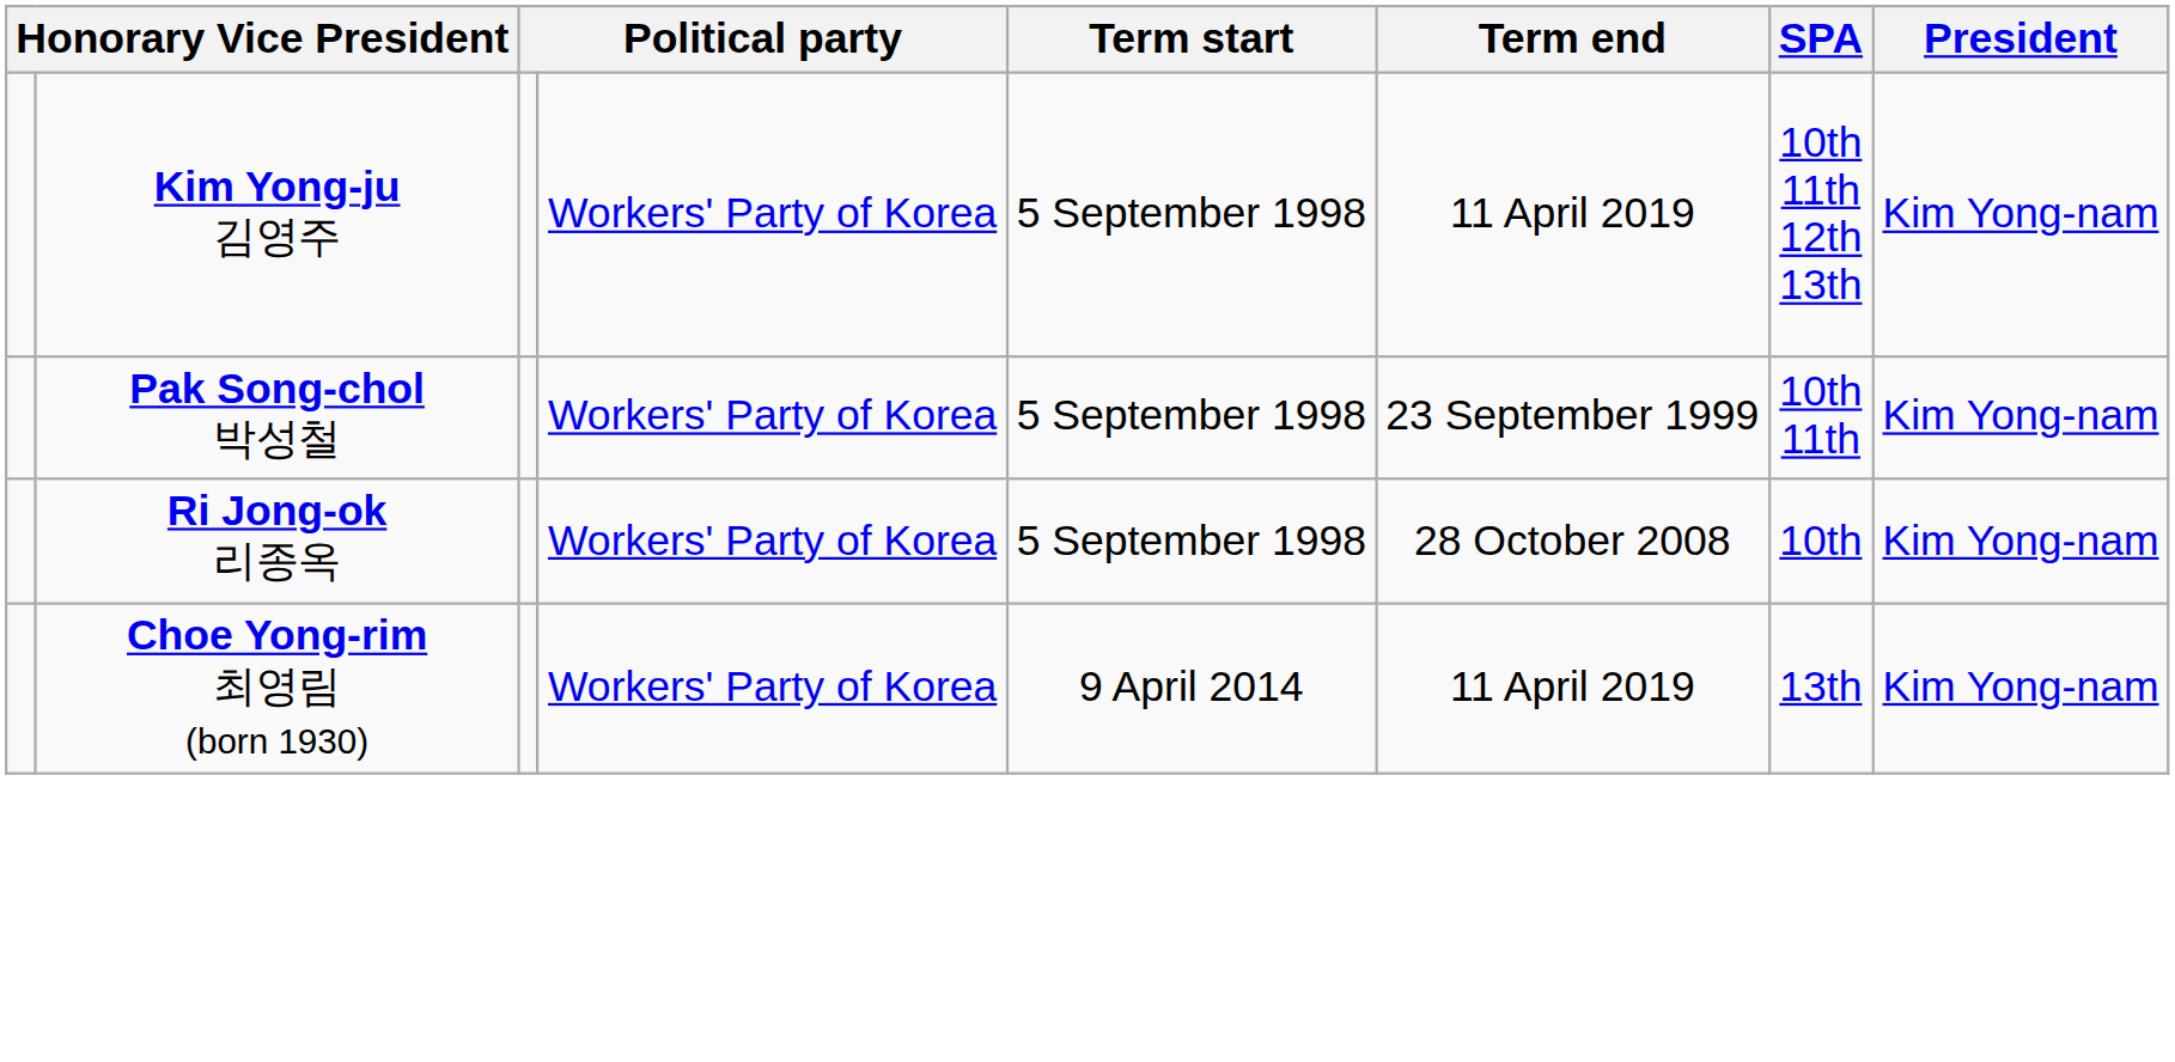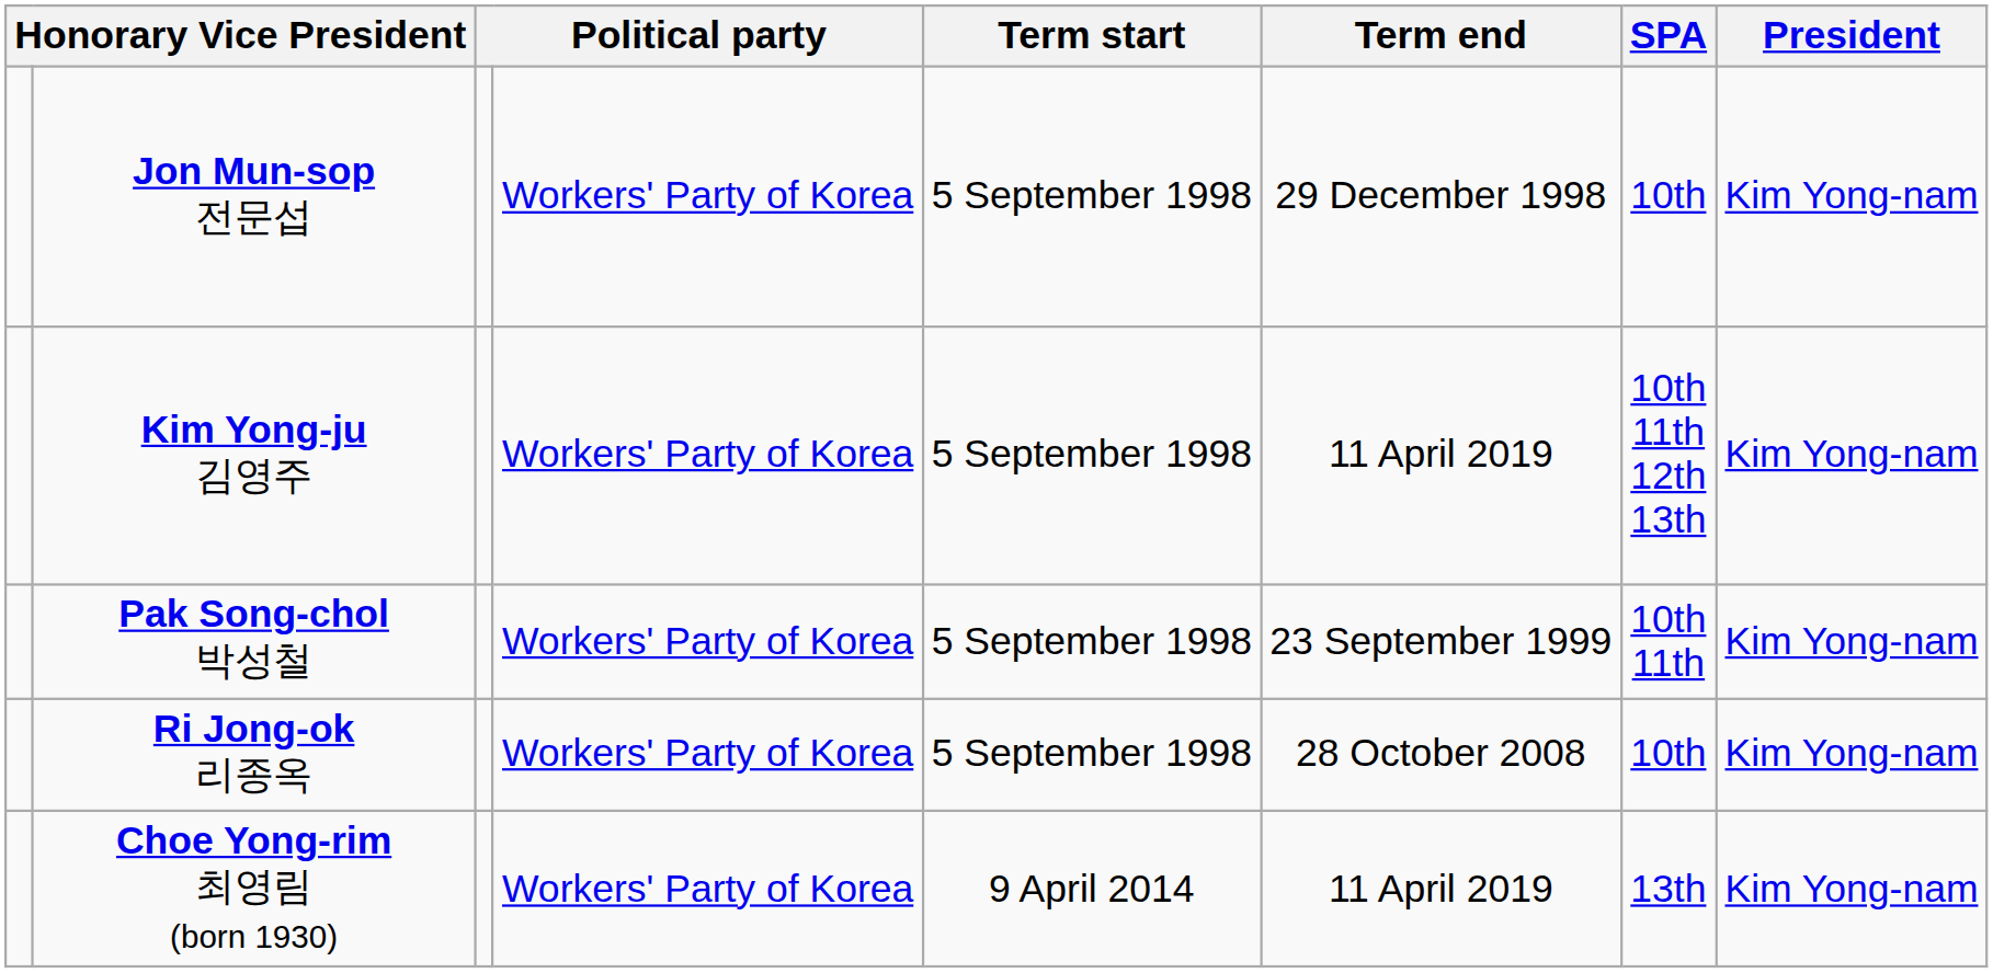 <table class="wikitable" style="text-align:center; border:1px #AAAAFF solid">
 <tr>
 <th colspan="2">Honorary Vice President</th>
 <th colspan="2">Political party</th>
 <th>Term start</th>
 <th>Term end</th>
 <th><a href='#'>SPA</a></th>
 <th><a href='#'>President</a></th>
+</tr>
+<tr>
+<td></td>
+<td><strong><a href='#'>Jon Mun-sop</a></strong><br><span>전문섭</span><br></td>
+<td height="99" rowspan="1" style="background:"></td>
+<td rowspan="1"><a href='#'>Workers' Party of Korea</a></td>
+<td>5 September 1998</td>
+<td>29 December 1998</td>
+<td><a href='#'>10th</a></td>
+<td><a href='#'>Kim Yong-nam</a></td>
 </tr>
 <tr>
 <td></td>
 <td><strong><a href='#'>Kim Yong-ju</a></strong><br>김영주<br></td>
 <td height="99" rowspan="1" style="background:"></td>
 <td rowspan="1"><a href='#'>Workers' Party of Korea</a></td>
 <td>5 September 1998</td>
 <td>11 April 2019</td>
 <td><a href='#'>10th</a><br><a href='#'>11th</a><br><a href='#'>12th</a><br><a href='#'>13th</a></td>
 <td><a href='#'>Kim Yong-nam</a></td>
 </tr>
 <tr>
 <td rowspan="1"></td>
 <td><strong><a href='#'>Pak Song-chol</a></strong><br>박성철<br></td>
 <td style="background:"></td>
 <td><a href='#'>Workers' Party of Korea</a></td>
 <td>5 September 1998</td>
 <td>23 September 1999</td>
 <td><a href='#'>10th</a><br><a href='#'>11th</a><br></td>
 <td><a href='#'>Kim Yong-nam</a></td>
 </tr>
 <tr>
 <td></td>
 <td><strong><a href='#'>Ri Jong-ok</a></strong><br>리종옥<br></td>
 <td style="background:"></td>
 <td><a href='#'>Workers' Party of Korea</a></td>
 <td>5 September 1998</td>
 <td>28 October 2008</td>
 <td><a href='#'>10th</a></td>
 <td><a href='#'>Kim Yong-nam</a></td>
 </tr>
 <tr>
 <td></td>
 <td><strong><a href='#'>Choe Yong-rim</a></strong><br>최영림<br><small>(born 1930)</small></td>
 <td style="background:"></td>
 <td><a href='#'>Workers' Party of Korea</a></td>
 <td>9 April 2014</td>
 <td>11 April 2019</td>
 <td><a href='#'>13th</a></td>
 <td><a href='#'>Kim Yong-nam</a></td>
 </tr>
 </table>
